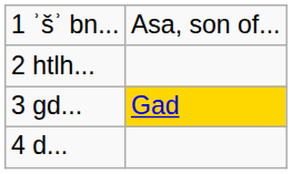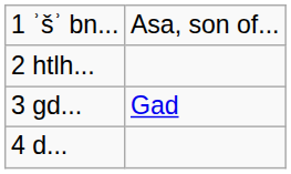 <table class="wikitable">
 <tr>
 <td>1 ʾšʾ bn...</td>
 <td>Asa, son of...</td>
 </tr>
 <tr>
 <td>2 htlh...</td>
 <td></td>
 </tr>
 <tr>
 <td>3 gd...</td>
-<td style="background: gold;"><a href='#'>Gad</a></td>
+<td><a href='#'>Gad</a></td>
 </tr>
 <tr>
 <td>4 d...</td>
 <td></td>
 </tr>
 </table>
